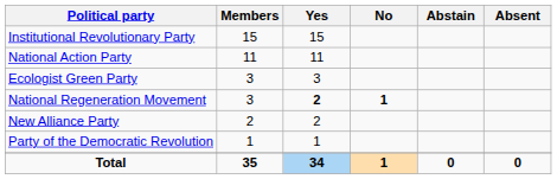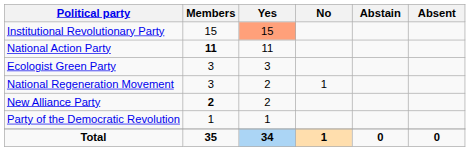 <table class="wikitable">
 <tr>
 <th><a href='#'>Political party</a></th>
 <th style="width:55pt;">Members</th>
 <th style="width:55pt;">Yes</th>
 <th style="width:55pt;">No</th>
 <th style="width:55pt;">Abstain</th>
 <th style="width:55pt;">Absent</th>
 </tr>
 <tr>
 <td align="left"> <a href='#'>Institutional Revolutionary Party</a></td>
 <td style="text-align:center;">15</td>
-<td style="text-align:center;">15</td>
+<td style="background: lightsalmon; text-align:center;">15</td>
 <td style="text-align:center;"></td>
 <td style="text-align:center;"></td>
 <td style="text-align:center;"></td>
 </tr>
 <tr>
 <td align="left"> <a href='#'>National Action Party</a></td>
-<td style="text-align:center;">11</td>
+<td style="text-align:center;"><strong>11</strong></td>
 <td style="text-align:center;">11</td>
 <td style="text-align:center;"></td>
 <td style="text-align:center;"></td>
 <td style="text-align:center;"></td>
 </tr>
 <tr>
 <td align="left"> <a href='#'>Ecologist Green Party</a></td>
 <td style="text-align:center;">3</td>
 <td style="text-align:center;">3</td>
 <td style="text-align:center;"></td>
 <td style="text-align:center;"></td>
 <td style="text-align:center;"></td>
 </tr>
 <tr>
 <td align="left"> <a href='#'>National Regeneration Movement</a></td>
 <td style="text-align:center;">3</td>
-<td style="text-align:center;"><strong>2</strong></td>
-<td style="text-align:center;"><strong>1</strong></td>
+<td style="text-align:center;">2</td>
+<td style="text-align:center;">1</td>
 <td style="text-align:center;"></td>
 <td style="text-align:center;"></td>
 </tr>
 <tr>
 <td align="left"> <a href='#'>New Alliance Party</a></td>
-<td style="text-align:center;">2</td>
+<td style="text-align:center;"><strong>2</strong></td>
 <td style="text-align:center;">2</td>
 <td style="text-align:center;"></td>
 <td style="text-align:center;"></td>
 <td style="text-align:center;"></td>
 </tr>
 <tr>
 <td align="left"> <a href='#'>Party of the Democratic Revolution</a></td>
 <td style="text-align:center;">1</td>
 <td style="text-align:center;">1</td>
 <td style="text-align:center;"></td>
 <td style="text-align:center;"></td>
 <td style="text-align:center;"></td>
 </tr>
 <tr>
 </tr>
 <tr style="text-align:center;">
 <td><strong>Total</strong></td>
 <td><strong>35</strong></td>
 <td style="background:#abd5f5;"><strong>34</strong></td>
 <td style="background:#ffdead;"><strong>1</strong></td>
 <td style="text-align:center;"><strong>0</strong></td>
 <td style="text-align:center;"><strong>0</strong></td>
 </tr>
 </table>
